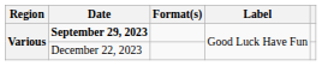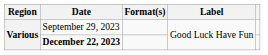 <table class="wikitable plainrowheaders">
 <tr>
 <th scope="col">Region</th>
 <th scope="col">Date</th>
 <th scope="col">Format(s)</th>
 <th scope="col">Label</th>
 <th scope="col"></th>
 </tr>
 <tr>
 <th scope="row" rowspan="2">Various</th>
-<td><strong>September 29, 2023</strong></td>
+<td>September 29, 2023</td>
 <td></td>
 <td rowspan="2">Good Luck Have Fun</td>
 <td style="text-align:center;"></td>
 </tr>
 <tr>
-<td>December 22, 2023</td>
+<td><strong>December 22, 2023</strong></td>
 <td></td>
 <td style="text-align:center;"></td>
 </tr>
 </table>
